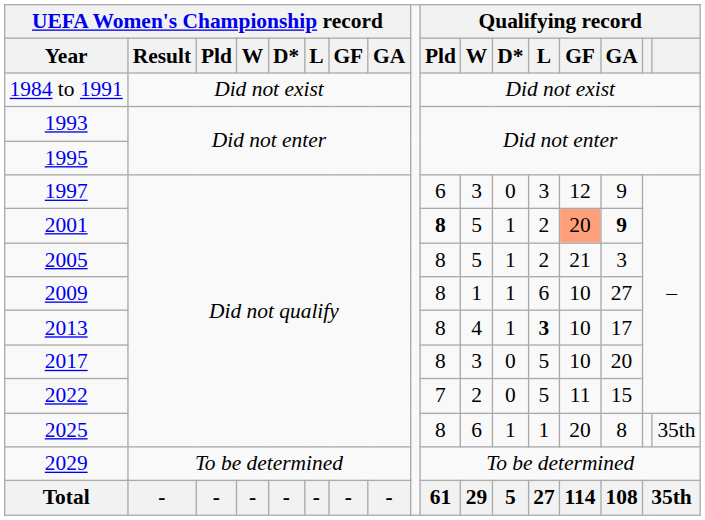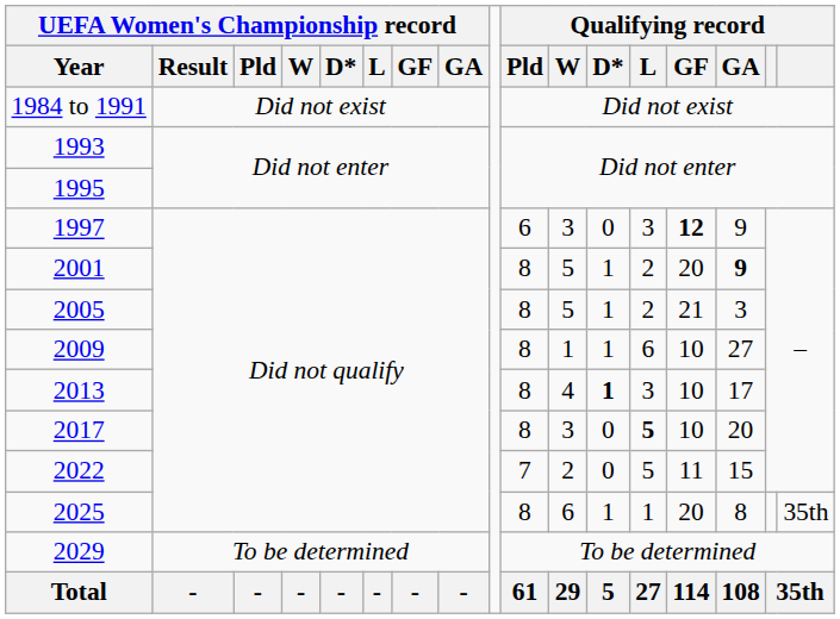 <table class="wikitable" style="text-align: center;">
 <tr>
 <th colspan=8><a href='#'>UEFA Women's Championship</a> record</th>
 <td rowspan=100></td>
 <th colspan=8>Qualifying record</th>
 </tr>
 <tr>
 <th>Year</th>
 <th>Result</th>
 <th>Pld</th>
 <th>W</th>
 <th>D*</th>
 <th>L</th>
 <th>GF</th>
 <th>GA<br></th>
 <th>Pld</th>
 <th>W</th>
 <th>D*</th>
 <th>L</th>
 <th>GF</th>
 <th>GA</th>
 <th></th>
 <th></th>
 </tr>
 <tr>
 <td> <a href='#'>1984</a> to  <a href='#'>1991</a></td>
 <td colspan=7><em>Did not exist</em></td>
 <td colspan=8><em>Did not exist</em></td>
 </tr>
 <tr>
 <td> <a href='#'>1993</a></td>
 <td colspan=7 rowspan=2><em>Did not enter</em></td>
 <td colspan=8 rowspan=2><em>Did not enter</em></td>
 </tr>
 <tr>
 <td> <a href='#'>1995</a></td>
 </tr>
 <tr>
 <td> <a href='#'>1997</a></td>
 <td colspan=8 rowspan=8><em>Did not qualify</em></td>
 <td>6</td>
 <td>3</td>
 <td>0</td>
 <td>3</td>
-<td>12</td>
+<td><strong>12</strong></td>
 <td>9</td>
 <td colspan=2 rowspan=7>–</td>
 </tr>
 <tr>
 <td> <a href='#'>2001</a></td>
-<td><strong>8</strong></td>
+<td>8</td>
 <td>5</td>
 <td>1</td>
 <td>2</td>
-<td style="background: lightsalmon;">20</td>
+<td>20</td>
 <td><strong>9</strong></td>
 </tr>
 <tr>
 <td> <a href='#'>2005</a></td>
 <td>8</td>
 <td>5</td>
 <td>1</td>
 <td>2</td>
 <td>21</td>
 <td>3</td>
 </tr>
 <tr>
 <td> <a href='#'>2009</a></td>
 <td>8</td>
 <td>1</td>
 <td>1</td>
 <td>6</td>
 <td>10</td>
 <td>27</td>
 </tr>
 <tr>
 <td> <a href='#'>2013</a></td>
 <td>8</td>
 <td>4</td>
-<td>1</td>
-<td><strong>3</strong></td>
+<td><strong>1</strong></td>
+<td>3</td>
 <td>10</td>
 <td>17</td>
 </tr>
 <tr>
 <td> <a href='#'>2017</a></td>
 <td>8</td>
 <td>3</td>
 <td>0</td>
-<td>5</td>
+<td><strong>5</strong></td>
 <td>10</td>
 <td>20</td>
 </tr>
 <tr>
 <td> <a href='#'>2022</a></td>
 <td>7</td>
 <td>2</td>
 <td>0</td>
 <td>5</td>
 <td>11</td>
 <td>15</td>
 </tr>
 <tr>
 <td> <a href='#'>2025</a></td>
 <td>8</td>
 <td>6</td>
 <td>1</td>
 <td>1</td>
 <td>20</td>
 <td>8</td>
 <td></td>
 <td>35th</td>
 </tr>
 <tr>
 <td><a href='#'>2029</a></td>
 <td colspan=7><em>To be determined</em></td>
 <td colspan=8><em>To be determined</em></td>
 </tr>
 <tr>
 <th>Total</th>
 <th>-</th>
 <th>-</th>
 <th>-</th>
 <th>-</th>
 <th>-</th>
 <th>-</th>
 <th>-</th>
 <th>61</th>
 <th>29</th>
 <th>5</th>
 <th>27</th>
 <th>114</th>
 <th>108</th>
 <th colspan=2>35th</th>
 </tr>
 </table>
